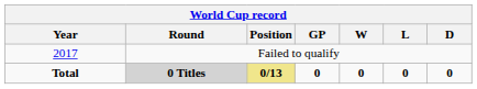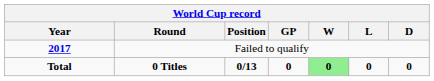 <table class="wikitable" style="text-align: center;">
 <tr>
 <th colspan=9><a href='#'>World Cup record</a></th>
 </tr>
 <tr>
 <th width=150>Year</th>
 <th width=150>Round</th>
 <th width=50>Position</th>
 <th width=50>GP</th>
 <th width=50>W</th>
 <th width=50>L</th>
 <th width=50>D</th>
 </tr>
 <tr>
-<td> <a href='#'>2017</a></td>
+<td><strong> <a href='#'>2017</a></strong></td>
 <td rowspan=1 colspan=8>Failed to qualify</td>
 </tr>
 <tr>
 <td><strong>Total</strong></td>
-<td style="background: lightgrey;"><strong>0 Titles</strong></td>
-<td style="background: khaki;"><strong>0/13</strong></td>
+<td><strong>0 Titles</strong></td>
+<td><strong>0/13</strong></td>
 <td><strong>0</strong></td>
-<td><strong>0</strong></td>
+<td style="background: lightgreen;"><strong>0</strong></td>
 <td><strong>0</strong></td>
 <td><strong>0</strong></td>
 </tr>
 </table>
